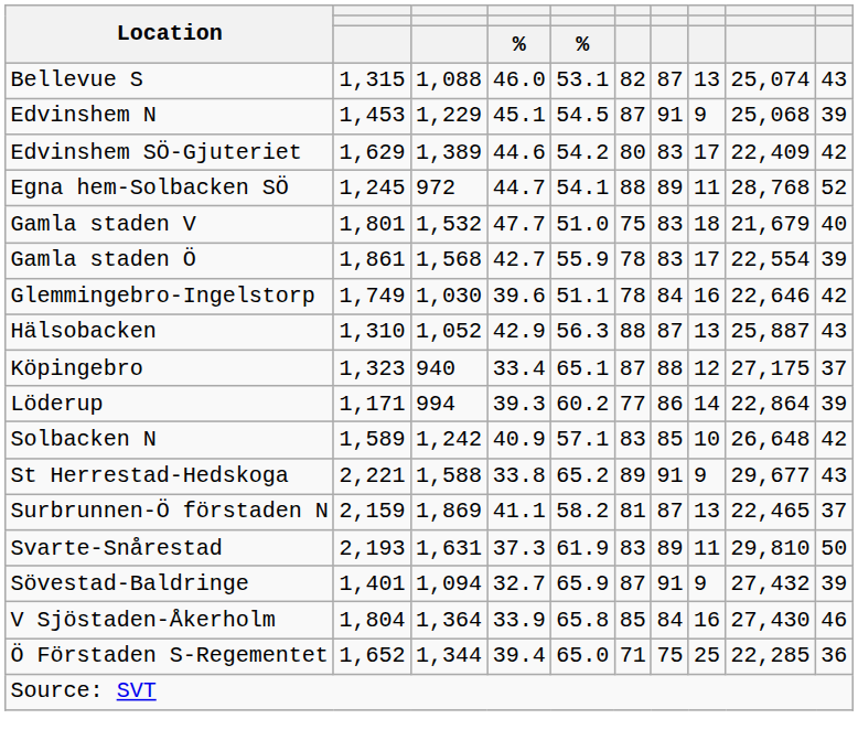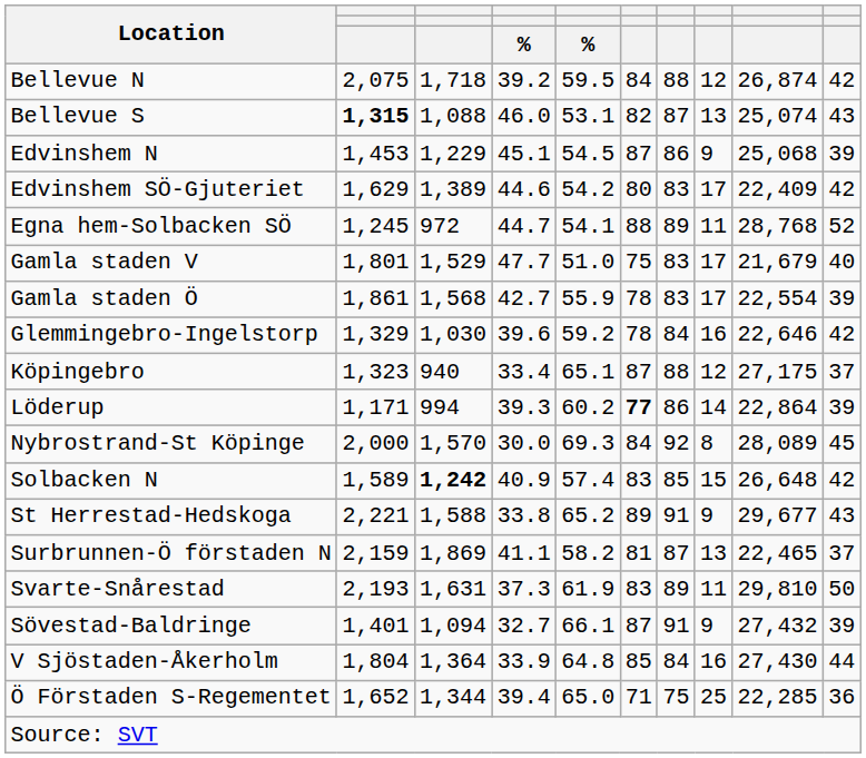 <table role="presentation" class="wikitable sortable mw-collapsible">
 <tr>
 <th rowspan="3">Location</th>
 <th></th>
 <th></th>
 <th></th>
 <th></th>
 <th></th>
 <th></th>
 <th></th>
 <th></th>
 <th></th>
 </tr>
 <tr>
 <th></th>
 <th></th>
 <th style="background:"></th>
 <th style="background:"></th>
 <th></th>
 <th></th>
 <th></th>
 <th></th>
 <th></th>
 </tr>
 <tr>
 <th data-sort-type="number"></th>
 <th data-sort-type="number"></th>
 <th data-sort-type="number">%</th>
 <th data-sort-type="number">%</th>
 <th data-sort-type="number"></th>
 <th data-sort-type="number"></th>
 <th data-sort-type="number"></th>
 <th data-sort-type="number"></th>
 <th data-sort-type="number"></th>
 </tr>
 <tr>
+<td align="left">Bellevue N</td>
+<td>2,075</td>
+<td>1,718</td>
+<td>39.2</td>
+<td>59.5</td>
+<td>84</td>
+<td>88</td>
+<td>12</td>
+<td>26,874</td>
+<td>42</td>
+</tr>
+<tr>
 <td align="left">Bellevue S</td>
-<td>1,315</td>
+<td><strong>1,315</strong></td>
 <td>1,088</td>
 <td>46.0</td>
 <td>53.1</td>
 <td>82</td>
 <td>87</td>
 <td>13</td>
 <td>25,074</td>
 <td>43</td>
 </tr>
 <tr>
 <td align="left">Edvinshem N</td>
 <td>1,453</td>
 <td>1,229</td>
 <td>45.1</td>
 <td>54.5</td>
 <td>87</td>
-<td>91</td>
+<td>86</td>
 <td>9</td>
 <td>25,068</td>
 <td>39</td>
 </tr>
 <tr>
 <td align="left">Edvinshem SÖ-Gjuteriet</td>
 <td>1,629</td>
 <td>1,389</td>
 <td>44.6</td>
 <td>54.2</td>
 <td>80</td>
 <td>83</td>
 <td>17</td>
 <td>22,409</td>
 <td>42</td>
 </tr>
 <tr>
 <td align="left">Egna hem-Solbacken SÖ</td>
 <td>1,245</td>
 <td>972</td>
 <td>44.7</td>
 <td>54.1</td>
 <td>88</td>
 <td>89</td>
 <td>11</td>
 <td>28,768</td>
 <td>52</td>
 </tr>
 <tr>
 <td align="left">Gamla staden V</td>
 <td>1,801</td>
-<td>1,532</td>
+<td>1,529</td>
 <td>47.7</td>
 <td>51.0</td>
 <td>75</td>
 <td>83</td>
-<td>18</td>
+<td>17</td>
 <td>21,679</td>
 <td>40</td>
 </tr>
 <tr>
 <td align="left">Gamla staden Ö</td>
 <td>1,861</td>
 <td>1,568</td>
 <td>42.7</td>
 <td>55.9</td>
 <td>78</td>
 <td>83</td>
 <td>17</td>
 <td>22,554</td>
 <td>39</td>
 </tr>
 <tr>
 <td align="left">Glemmingebro-Ingelstorp</td>
-<td>1,749</td>
+<td>1,329</td>
 <td>1,030</td>
 <td>39.6</td>
-<td>51.1</td>
+<td>59.2</td>
 <td>78</td>
 <td>84</td>
 <td>16</td>
 <td>22,646</td>
 <td>42</td>
-</tr>
-<tr>
-<td align="left">Hälsobacken</td>
-<td>1,310</td>
-<td>1,052</td>
-<td>42.9</td>
-<td>56.3</td>
-<td>88</td>
-<td>87</td>
-<td>13</td>
-<td>25,887</td>
-<td>43</td>
 </tr>
 <tr>
 <td align="left">Köpingebro</td>
 <td>1,323</td>
 <td>940</td>
 <td>33.4</td>
 <td>65.1</td>
 <td>87</td>
 <td>88</td>
 <td>12</td>
 <td>27,175</td>
 <td>37</td>
 </tr>
 <tr>
 <td align="left">Löderup</td>
 <td>1,171</td>
 <td>994</td>
 <td>39.3</td>
 <td>60.2</td>
-<td>77</td>
+<td><strong>77</strong></td>
 <td>86</td>
 <td>14</td>
 <td>22,864</td>
 <td>39</td>
 </tr>
 <tr>
+<td align="left">Nybrostrand-St Köpinge</td>
+<td>2,000</td>
+<td>1,570</td>
+<td>30.0</td>
+<td>69.3</td>
+<td>84</td>
+<td>92</td>
+<td>8</td>
+<td>28,089</td>
+<td>45</td>
+</tr>
+<tr>
 <td align="left">Solbacken N</td>
 <td>1,589</td>
-<td>1,242</td>
+<td><strong>1,242</strong></td>
 <td>40.9</td>
-<td>57.1</td>
+<td>57.4</td>
 <td>83</td>
 <td>85</td>
-<td>10</td>
+<td>15</td>
 <td>26,648</td>
 <td>42</td>
 </tr>
 <tr>
 <td align="left">St Herrestad-Hedskoga</td>
 <td>2,221</td>
 <td>1,588</td>
 <td>33.8</td>
 <td>65.2</td>
 <td>89</td>
 <td>91</td>
 <td>9</td>
 <td>29,677</td>
 <td>43</td>
 </tr>
 <tr>
 <td align="left">Surbrunnen-Ö förstaden N</td>
 <td>2,159</td>
 <td>1,869</td>
 <td>41.1</td>
 <td>58.2</td>
 <td>81</td>
 <td>87</td>
 <td>13</td>
 <td>22,465</td>
 <td>37</td>
 </tr>
 <tr>
 <td align="left">Svarte-Snårestad</td>
 <td>2,193</td>
 <td>1,631</td>
 <td>37.3</td>
 <td>61.9</td>
 <td>83</td>
 <td>89</td>
 <td>11</td>
 <td>29,810</td>
 <td>50</td>
 </tr>
 <tr>
 <td align="left">Sövestad-Baldringe</td>
 <td>1,401</td>
 <td>1,094</td>
 <td>32.7</td>
-<td>65.9</td>
+<td>66.1</td>
 <td>87</td>
 <td>91</td>
 <td>9</td>
 <td>27,432</td>
 <td>39</td>
 </tr>
 <tr>
 <td align="left">V Sjöstaden-Åkerholm</td>
 <td>1,804</td>
 <td>1,364</td>
 <td>33.9</td>
-<td>65.8</td>
+<td>64.8</td>
 <td>85</td>
 <td>84</td>
 <td>16</td>
 <td>27,430</td>
-<td>46</td>
+<td>44</td>
 </tr>
 <tr>
 <td align="left">Ö Förstaden S-Regementet</td>
 <td>1,652</td>
 <td>1,344</td>
 <td>39.4</td>
 <td>65.0</td>
 <td>71</td>
 <td>75</td>
 <td>25</td>
 <td>22,285</td>
 <td>36</td>
 </tr>
 <tr>
 <td colspan="10" align="left">Source: <a href='#'>SVT</a></td>
 </tr>
 </table>
